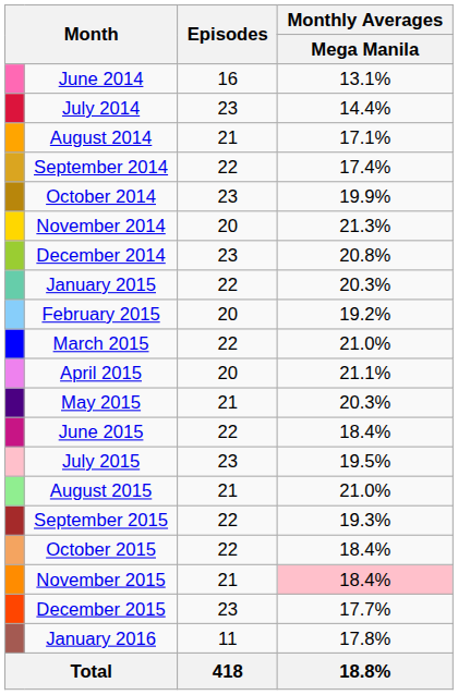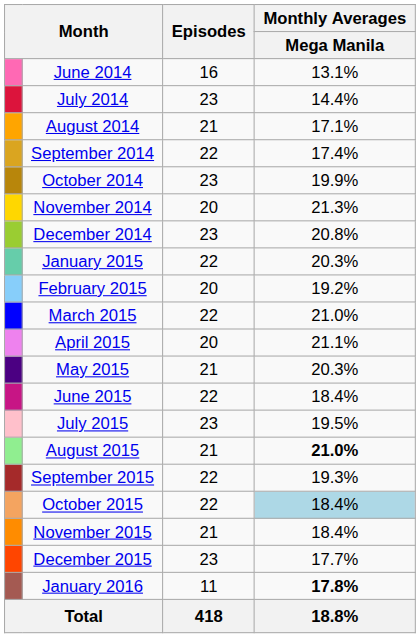 <table class="wikitable plainrowheaders" style="text-align: center; line-height:25px;">
 <tr class="wikitable" style="text-align: center;">
 <th colspan="2" rowspan="2" style="padding: 0 8px;">Month</th>
 <th rowspan="2" style="padding: 0 8px;">Episodes</th>
 <th colspan="2" style="padding: 0 8px;">Monthly Averages</th>
 </tr>
 <tr>
 <th style="padding: 0 8px;">Mega Manila</th>
 </tr>
 <tr>
 <td style="padding: 0 8px; background:#FF69B4;"></td>
 <td style="padding: 0 8px;" '><a href='#'>June 2014</a></td>
 <td style="padding: 0 8px;">16</td>
 <td style="padding: 0 8px;">13.1%</td>
 </tr>
 <tr>
 <td style="padding: 0 8px; background:#DC143C;"></td>
 <td style="padding: 0 8px;" '><a href='#'>July 2014</a></td>
 <td style="padding: 0 8px;">23</td>
 <td style="padding: 0 8px;">14.4%</td>
 </tr>
 <tr>
 <td style="padding: 0 8px; background:#FFA500;"></td>
 <td style="padding: 0 8px;" '><a href='#'>August 2014</a></td>
 <td style="padding: 0 8px;">21</td>
 <td style="padding: 0 8px;">17.1%</td>
 </tr>
 <tr>
 <td style="padding: 0 8px; background:#DAA520;"></td>
 <td style="padding: 0 8px;" '><a href='#'>September 2014</a></td>
 <td style="padding: 0 8px;">22</td>
 <td style="padding: 0 8px;">17.4%</td>
 </tr>
 <tr>
 <td style="padding: 0 8px; background:#B8860B;"></td>
 <td style="padding: 0 8px;" '><a href='#'>October 2014</a></td>
 <td style="padding: 0 8px;">23</td>
 <td style="padding: 0 8px;">19.9%</td>
 </tr>
 <tr>
 <td style="padding: 0 8px; background:#FFD700;"></td>
 <td style="padding: 0 8px;" '><a href='#'>November 2014</a></td>
 <td style="padding: 0 8px;">20</td>
 <td style="padding: 0 8px;">21.3%</td>
 </tr>
 <tr>
 <td style="padding: 0 8px; background:#9ACD32;"></td>
 <td style="padding: 0 8px;" '><a href='#'>December 2014</a></td>
 <td style="padding: 0 8px;">23</td>
 <td style="padding: 0 8px;">20.8%</td>
 </tr>
 <tr>
 <td style="padding: 0 8px; background:#66CDAA;"></td>
 <td style="padding: 0 8px;" '><a href='#'>January 2015</a></td>
 <td style="padding: 0 8px;">22</td>
 <td style="padding: 0 8px;">20.3%</td>
 </tr>
 <tr>
 <td style="padding: 0 8px; background:#87CEFA;"></td>
 <td style="padding: 0 8px;" '><a href='#'>February 2015</a></td>
 <td style="padding: 0 8px;">20</td>
 <td style="padding: 0 8px;">19.2%</td>
 </tr>
 <tr>
 <td style="padding: 0 8px; background:#0000FF;"></td>
 <td style="padding: 0 8px;" '><a href='#'>March 2015</a></td>
 <td style="padding: 0 8px;">22</td>
 <td style="padding: 0 8px;">21.0%</td>
 </tr>
 <tr>
 <td style="padding: 0 8px; background:#EE82EE;"></td>
 <td style="padding: 0 8px;" '><a href='#'>April 2015</a></td>
 <td style="padding: 0 8px;">20</td>
 <td style="padding: 0 8px;">21.1%</td>
 </tr>
 <tr>
 <td style="padding: 0 8px; background:#4B0082;"></td>
 <td style="padding: 0 8px;" '><a href='#'>May 2015</a></td>
 <td style="padding: 0 8px;">21</td>
 <td style="padding: 0 8px;">20.3%</td>
 </tr>
 <tr>
 <td style="padding: 0 8px; background:#C71585;"></td>
 <td style="padding: 0 8px;" '><a href='#'>June 2015</a></td>
 <td style="padding: 0 8px;">22</td>
 <td style="padding: 0 8px;">18.4%</td>
 </tr>
 <tr>
 <td style="padding: 0 8px; background:#FFC0CB;"></td>
 <td style="padding: 0 8px;" '><a href='#'>July 2015</a></td>
 <td style="padding: 0 8px;">23</td>
 <td style="padding: 0 8px;">19.5%</td>
 </tr>
 <tr>
 <td style="padding: 0 8px; background:#90EE90;"></td>
 <td style="padding: 0 8px;" '><a href='#'>August 2015</a></td>
 <td style="padding: 0 8px;">21</td>
-<td style="padding: 0 8px;">21.0%</td>
+<td style="padding: 0 8px;"><strong>21.0%</strong></td>
 </tr>
 <tr>
 <td style="padding: 0 8px; background:#A52A2A;"></td>
 <td style="padding: 0 8px;" '><a href='#'>September 2015</a></td>
 <td style="padding: 0 8px;">22</td>
 <td style="padding: 0 8px;">19.3%</td>
 </tr>
 <tr>
 <td style="padding: 0 8px; background:#F4A460;"></td>
 <td style="padding: 0 8px;" '><a href='#'>October 2015</a></td>
 <td style="padding: 0 8px;">22</td>
-<td style="padding: 0 8px;">18.4%</td>
+<td style="background: lightblue; padding: 0 8px;">18.4%</td>
 </tr>
 <tr>
 <td style="padding: 0 8px; background:#FF8C00;"></td>
 <td style="padding: 0 8px;" '><a href='#'>November 2015</a></td>
 <td style="padding: 0 8px;">21</td>
-<td style="background: pink; padding: 0 8px;">18.4%</td>
+<td style="padding: 0 8px;">18.4%</td>
 </tr>
 <tr>
 <td style="padding: 0 8px; background:#FF4500;"></td>
 <td style="padding: 0 8px;" '><a href='#'>December 2015</a></td>
 <td style="padding: 0 8px;">23</td>
 <td style="padding: 0 8px;">17.7%</td>
 </tr>
 <tr>
 <td style="padding: 0 8px; background:#A45A52;"></td>
 <td style="padding: 0 8px;" '><a href='#'>January 2016</a></td>
 <td style="padding: 0 8px;">11</td>
-<td style="padding: 0 8px;">17.8%</td>
+<td style="padding: 0 8px;"><strong>17.8%</strong></td>
 </tr>
 <tr>
 <th colspan="2">Total</th>
 <th colspan="1">418</th>
 <th colspan="2">18.8%</th>
 </tr>
 </table>
